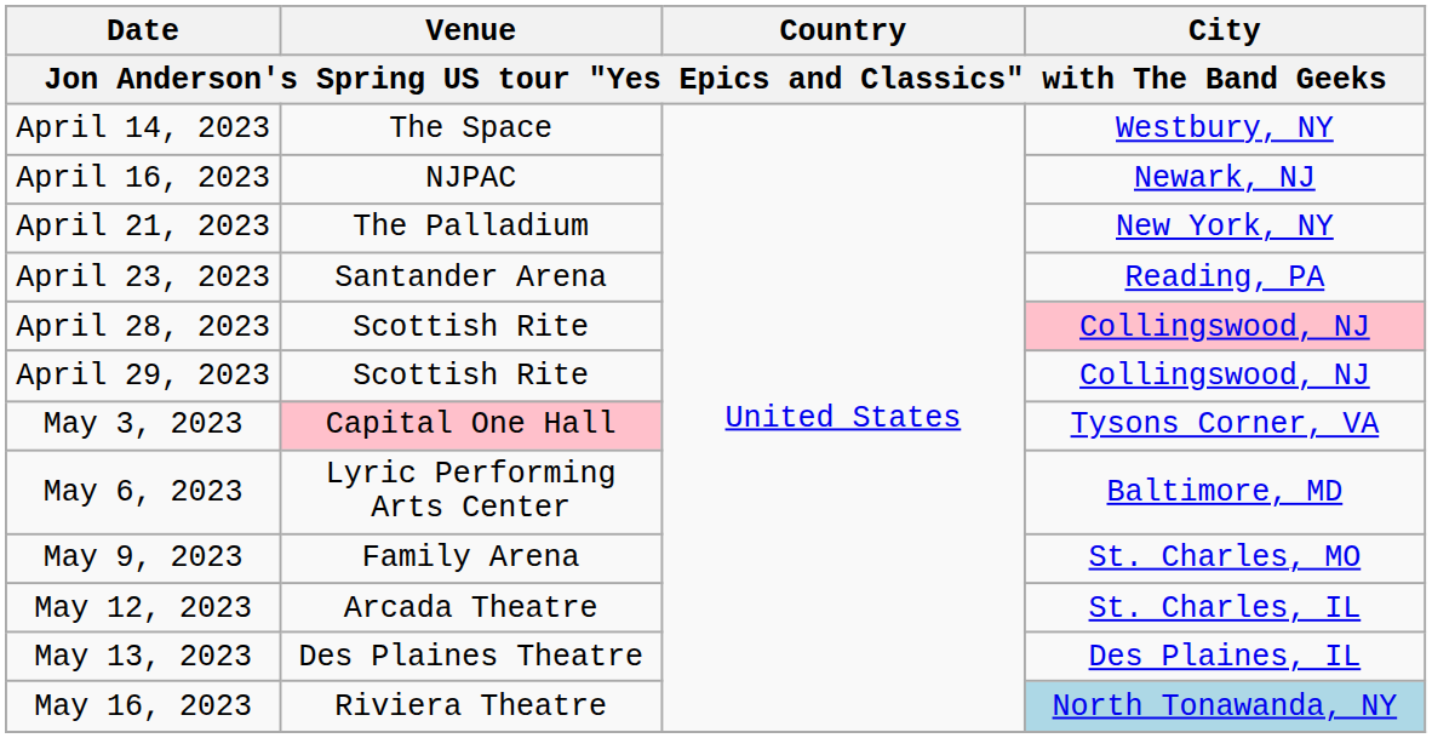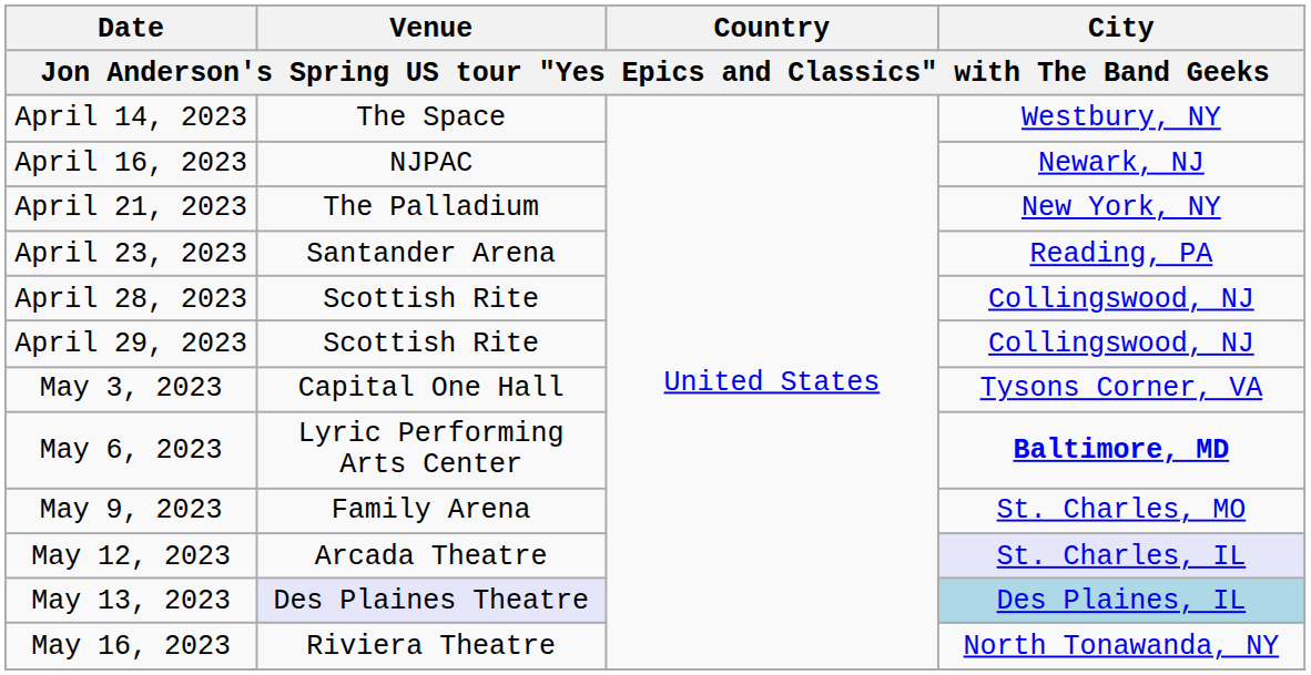 <table class="wikitable" style="text-align:center;">
 <tr>
 <th style="width:150px;">Date</th>
 <th style="width:200px;">Venue</th>
 <th style="width:200px;">Country</th>
 <th style="width:200px;">City</th>
 </tr>
 <tr>
 <th colspan="4">Jon Anderson's Spring US tour "Yes Epics and Classics" with The Band Geeks</th>
 </tr>
 <tr>
 <td>April 14, 2023</td>
 <td>The Space</td>
 <td rowspan="12"><a href='#'>United States</a></td>
 <td><a href='#'>Westbury, NY</a></td>
 </tr>
 <tr>
 <td>April 16, 2023</td>
 <td>NJPAC</td>
 <td><a href='#'>Newark, NJ</a></td>
 </tr>
 <tr>
 <td>April 21, 2023</td>
 <td>The Palladium</td>
 <td><a href='#'>New York, NY</a></td>
 </tr>
 <tr>
 <td>April 23, 2023</td>
 <td>Santander Arena</td>
 <td><a href='#'>Reading, PA</a></td>
 </tr>
 <tr>
 <td>April 28, 2023</td>
 <td>Scottish Rite</td>
-<td style="background: pink;"><a href='#'>Collingswood, NJ</a></td>
+<td><a href='#'>Collingswood, NJ</a></td>
 </tr>
 <tr>
 <td>April 29, 2023</td>
 <td>Scottish Rite</td>
 <td><a href='#'>Collingswood, NJ</a></td>
 </tr>
 <tr>
 <td>May 3, 2023</td>
-<td style="background: pink;">Capital One Hall</td>
+<td>Capital One Hall</td>
 <td><a href='#'>Tysons Corner, VA</a></td>
 </tr>
 <tr>
 <td>May 6, 2023</td>
 <td>Lyric Performing Arts Center</td>
-<td><a href='#'>Baltimore, MD</a></td>
+<td><strong><a href='#'>Baltimore, MD</a></strong></td>
 </tr>
 <tr>
 <td>May 9, 2023</td>
 <td>Family Arena</td>
 <td><a href='#'>St. Charles, MO</a></td>
 </tr>
 <tr>
 <td>May 12, 2023</td>
 <td>Arcada Theatre</td>
-<td><a href='#'>St. Charles, IL</a></td>
+<td style="background: lavender;"><a href='#'>St. Charles, IL</a></td>
 </tr>
 <tr>
 <td>May 13, 2023</td>
-<td>Des Plaines Theatre</td>
-<td><a href='#'>Des Plaines, IL</a></td>
+<td style="background: lavender;">Des Plaines Theatre</td>
+<td style="background: lightblue;"><a href='#'>Des Plaines, IL</a></td>
 </tr>
 <tr>
 <td>May 16, 2023</td>
 <td>Riviera Theatre</td>
-<td style="background: lightblue;"><a href='#'>North Tonawanda, NY</a></td>
+<td><a href='#'>North Tonawanda, NY</a></td>
 </tr>
 <tr>
 </tr>
 </table>
